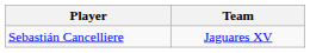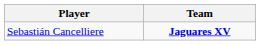 <table class="wikitable" style="text-align:center;">
 <tr>
 <th style="width:12em;">Player</th>
 <th style="width:9.5em;">Team</th>
 </tr>
 <tr>
 <td align=left> <a href='#'>Sebastián Cancelliere</a></td>
-<td> <a href='#'>Jaguares XV</a></td>
+<td><strong> <a href='#'>Jaguares XV</a></strong></td>
 </tr>
 </table>
